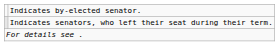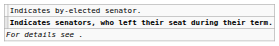 <table class="wikitable" style="font-size: 95%;">
 <tr>
 <td></td>
 <td>Indicates by-elected senator.</td>
 </tr>
 <tr>
 <td style="background: #E6E6E6;"></td>
-<td>Indicates senators, who left their seat during their term.</td>
+<td><strong>Indicates senators, who left their seat during their term.</strong></td>
 </tr>
 <tr>
 <td colspan="2"><em>For details see .</em></td>
 </tr>
 </table>
